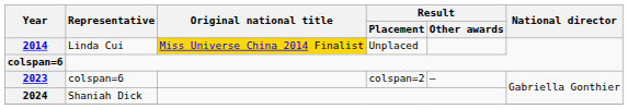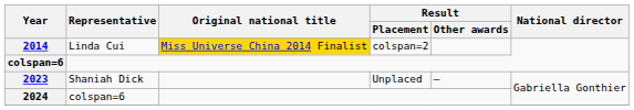 <table class="wikitable defaultcenter col2left col6left" style="font-size:95%;">
 <tr>
 <th rowspan=2>Year</th>
 <th rowspan=2>Representative</th>
 <th rowspan=2>Original national title</th>
 <th colspan=2>Result</th>
 <th rowspan=2>National director</th>
 </tr>
 <tr>
 <th>Placement</th>
 <th>Other awards</th>
 </tr>
 <tr>
 <th><a href='#'>2014</a></th>
 <td>Linda Cui</td>
 <td style="background: gold;"><a href='#'>Miss Universe China 2014</a> Finalist</td>
-<td>Unplaced</td>
+<td>colspan=2 </td>
 <td></td>
 </tr>
 <tr>
 <th>colspan=6 </th>
 </tr>
 <tr>
 <th><a href='#'>2023</a></th>
-<td>colspan=6 </td>
+<td>Shaniah Dick</td>
 <td></td>
-<td>colspan=2 </td>
+<td>Unplaced</td>
 <td>—</td>
 <td rowspan=2>Gabriella Gonthier</td>
 </tr>
 <tr>
 <th>2024</th>
-<td>Shaniah Dick</td>
+<td>colspan=6 </td>
 </tr>
 <tr>
 </tr>
 </table>
